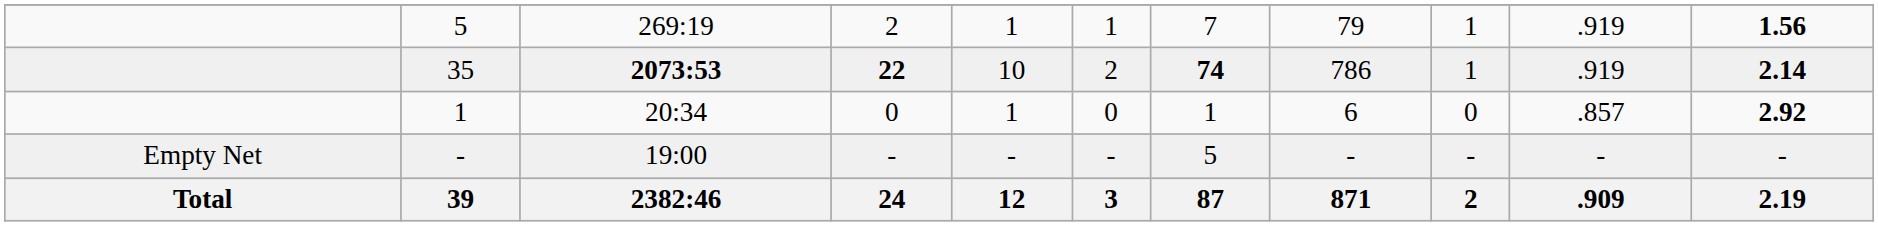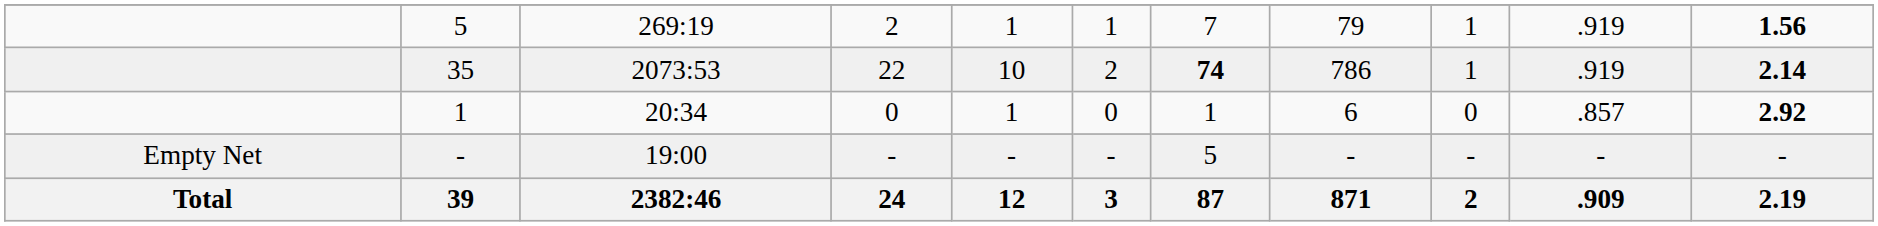 <table class="wikitable sortable" width=1100>
 <tr align="center">
 </tr>
 <tr align="center" bgcolor="">
 <td></td>
 <td>5</td>
 <td>269:19</td>
 <td>2</td>
 <td>1</td>
 <td>1</td>
 <td>7</td>
 <td>79</td>
 <td>1</td>
 <td>.919</td>
 <td><strong>1.56</strong></td>
 </tr>
 <tr align="center" bgcolor="f0f0f0">
 <td></td>
 <td>35</td>
-<td><strong>2073:53</strong></td>
-<td><strong>22</strong></td>
+<td>2073:53</td>
+<td>22</td>
 <td>10</td>
 <td>2</td>
 <td><strong>74</strong></td>
 <td>786</td>
 <td>1</td>
 <td>.919</td>
 <td><strong>2.14</strong></td>
 </tr>
 <tr align="center" bgcolor="">
 <td></td>
 <td>1</td>
 <td>20:34</td>
 <td>0</td>
 <td>1</td>
 <td>0</td>
 <td>1</td>
 <td>6</td>
 <td>0</td>
 <td>.857</td>
 <td><strong>2.92</strong></td>
 </tr>
 <tr align="center" bgcolor="f0f0f0">
 <td>Empty Net</td>
 <td>-</td>
 <td>19:00</td>
 <td>-</td>
 <td>-</td>
 <td>-</td>
 <td>5</td>
 <td>-</td>
 <td>-</td>
 <td>-</td>
 <td>-</td>
 </tr>
 <tr>
 <th>Total</th>
 <th>39</th>
 <th>2382:46</th>
 <th>24</th>
 <th>12</th>
 <th>3</th>
 <th>87</th>
 <th>871</th>
 <th>2</th>
 <th>.909</th>
 <th>2.19</th>
 </tr>
 </table>
